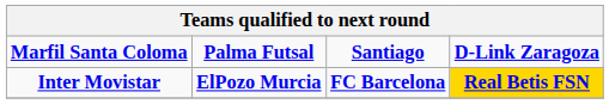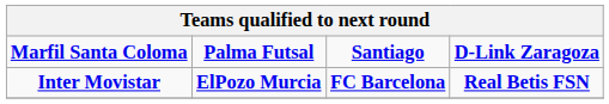 <table class="wikitable" style="text-align: center; margin: 0 auto;">
 <tr>
 <th colspan=4>Teams qualified to next round</th>
 </tr>
 <tr>
 <td><strong><a href='#'>Marfil Santa Coloma</a></strong></td>
 <td><strong><a href='#'>Palma Futsal</a></strong></td>
 <td><strong><a href='#'>Santiago</a></strong></td>
 <td><strong><a href='#'>D-Link Zaragoza</a></strong></td>
 </tr>
 <tr>
 <td><strong><a href='#'>Inter Movistar</a></strong></td>
 <td><strong><a href='#'>ElPozo Murcia</a></strong></td>
 <td><strong><a href='#'>FC Barcelona</a></strong></td>
-<td style="background: gold;"><strong><a href='#'>Real Betis FSN</a></strong></td>
+<td><strong><a href='#'>Real Betis FSN</a></strong></td>
 </tr>
 <tr>
 </tr>
 </table>
